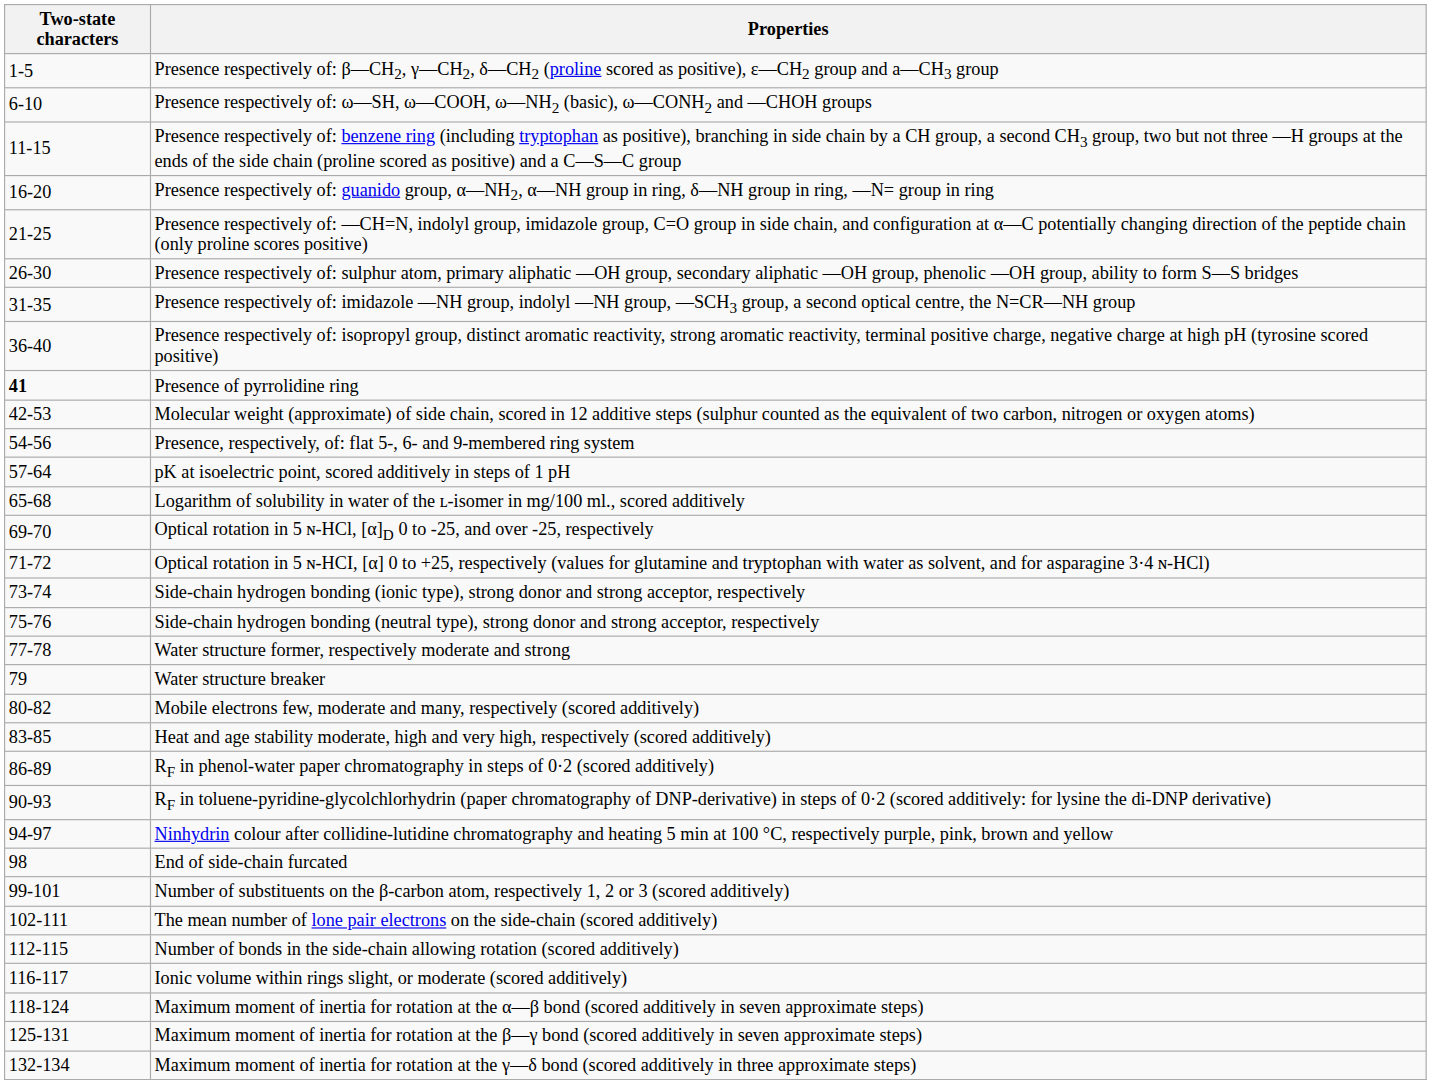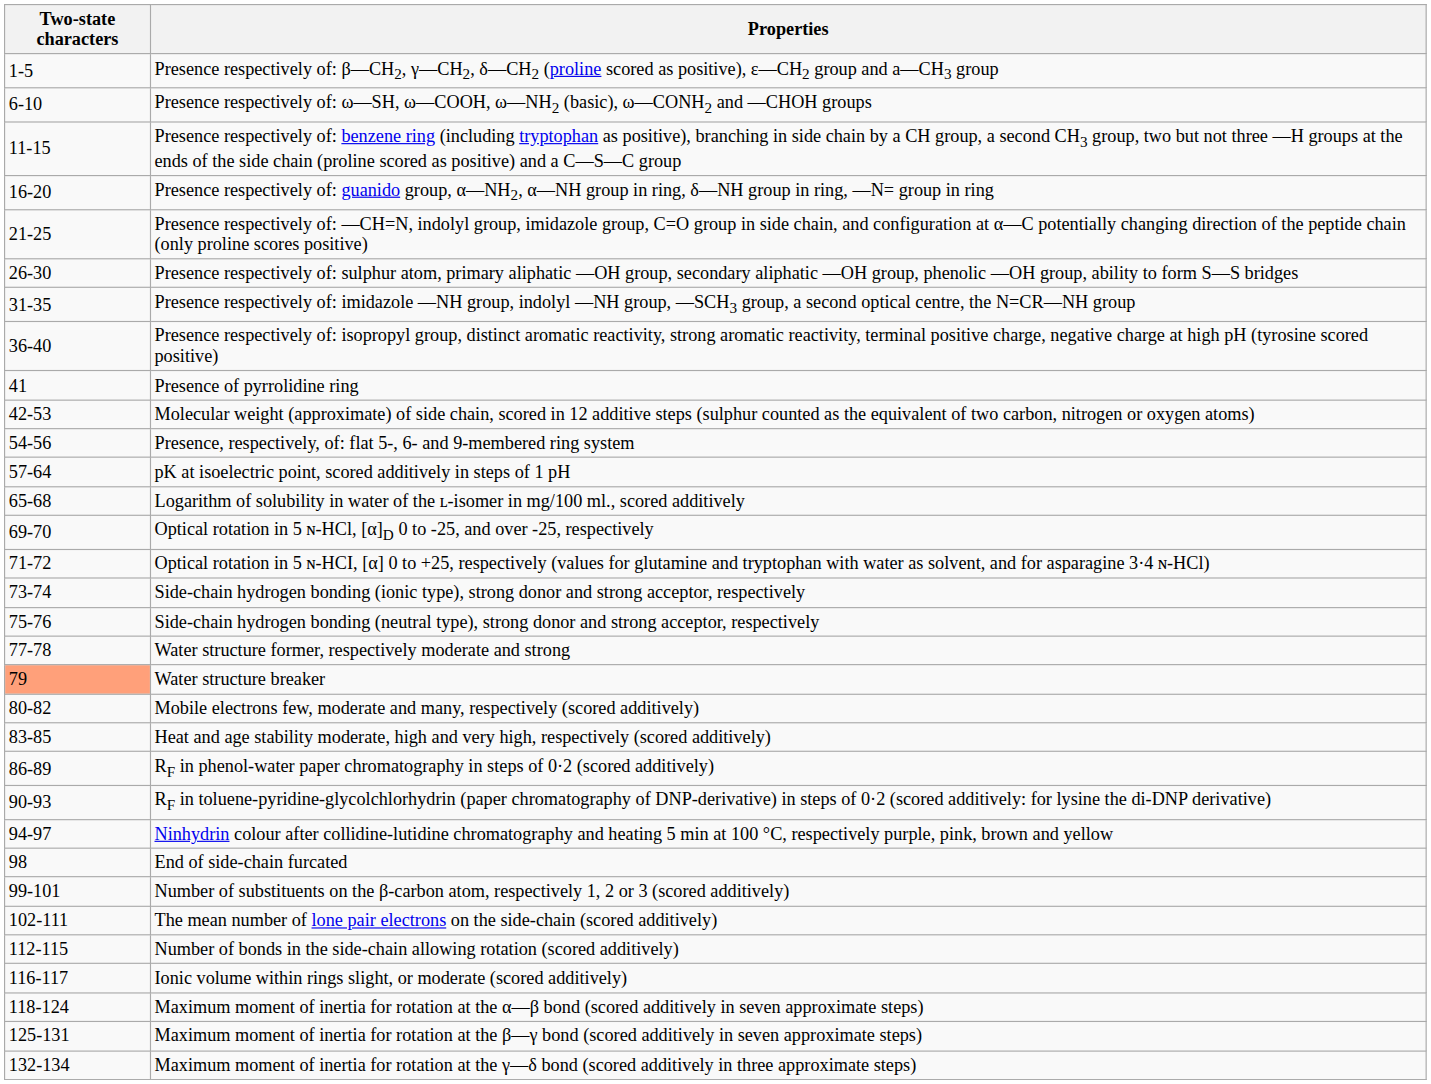 <table class="wikitable">
 <tr>
 <th>Two-state characters</th>
 <th>Properties</th>
 </tr>
 <tr>
 <td>1-5</td>
 <td>Presence  respectively of: β―CH<sub>2</sub>, γ―CH<sub>2</sub>, δ―CH<sub>2</sub> (<a href='#'>proline</a> scored as positive), ε―CH<sub>2</sub> group and a―CH<sub>3</sub> group</td>
 </tr>
 <tr>
 <td>6-10</td>
 <td>Presence  respectively of: ω―SH, ω―COOH, ω―NH<sub>2</sub> (basic), ω―CONH<sub>2</sub> and ―CHOH groups</td>
 </tr>
 <tr>
 <td>11-15</td>
 <td>Presence  respectively of: <a href='#'>benzene ring</a> (including <a href='#'>tryptophan</a> as positive), branching in side chain by a CH group, a second CH<sub>3</sub> group, two but not three  ―H groups at the ends of the side chain  (proline scored as positive) and a C―S―C group</td>
 </tr>
 <tr>
 <td>16-20</td>
 <td>Presence  respectively of: <a href='#'>guanido</a> group, α―NH<sub>2</sub>, α―NH group in ring, δ―NH group in ring, ―N= group in ring</td>
 </tr>
 <tr>
 <td>21-25</td>
 <td>Presence  respectively of: ―CH=N, indolyl group, imidazole group,  C=O group in side chain, and configuration at α―C potentially changing direction of the peptide chain (only proline  scores positive)</td>
 </tr>
 <tr>
 <td>26-30</td>
 <td>Presence  respectively of: sulphur atom, primary aliphatic ―OH group, secondary aliphatic ―OH group, phenolic ―OH group, ability to form S―S bridges</td>
 </tr>
 <tr>
 <td>31-35</td>
 <td>Presence  respectively of: imidazole ―NH group, indolyl ―NH group, ―SCH<sub>3</sub> group, a second  optical centre, the N=CR―NH group</td>
 </tr>
 <tr>
 <td>36-40</td>
 <td>Presence  respectively of: isopropyl group, distinct aromatic reactivity, strong  aromatic reactivity, terminal positive charge, negative charge at high pH  (tyrosine scored positive)</td>
 </tr>
 <tr>
-<td><strong>41</strong></td>
+<td>41</td>
 <td>Presence of pyrrolidine ring</td>
 </tr>
 <tr>
 <td>42-53</td>
 <td>Molecular weight  (approximate) of side chain, scored in 12 additive steps (sulphur counted as  the equivalent of two carbon, nitrogen or oxygen atoms)</td>
 </tr>
 <tr>
 <td>54-56</td>
 <td>Presence,  respectively, of: flat 5-, 6- and 9-membered ring system</td>
 </tr>
 <tr>
 <td>57-64</td>
 <td>pK at isoelectric  point, scored additively in steps of 1 pH</td>
 </tr>
 <tr>
 <td>65-68</td>
 <td>Logarithm of  solubility in water of the ʟ-isomer in mg/100 ml., scored  additively</td>
 </tr>
 <tr>
 <td>69-70</td>
 <td>Optical rotation in  5 ɴ-HCl, [α]<sub>D</sub> 0 to -25, and over -25, respectively</td>
 </tr>
 <tr>
 <td>71-72</td>
 <td>Optical rotation in  5 ɴ-HCI, [α] 0 to +25, respectively (values for glutamine and tryptophan with  water as solvent, and for asparagine 3·4 ɴ-HCl)</td>
 </tr>
 <tr>
 <td>73-74</td>
 <td>Side-chain hydrogen  bonding (ionic type), strong donor and strong acceptor, respectively</td>
 </tr>
 <tr>
 <td>75-76</td>
 <td>Side-chain hydrogen  bonding (neutral type), strong donor and strong acceptor, respectively</td>
 </tr>
 <tr>
 <td>77-78</td>
 <td>Water structure  former, respectively moderate and strong</td>
 </tr>
 <tr>
-<td>79</td>
+<td style="background: lightsalmon;">79</td>
 <td>Water structure breaker</td>
 </tr>
 <tr>
 <td>80-82</td>
 <td>Mobile electrons  few, moderate and many, respectively (scored additively)</td>
 </tr>
 <tr>
 <td>83-85</td>
 <td>Heat and age  stability moderate, high and very high, respectively (scored additively)</td>
 </tr>
 <tr>
 <td>86-89</td>
 <td>R<sub>F</sub> in phenol-water  paper chromatography in steps of 0·2 (scored additively)</td>
 </tr>
 <tr>
 <td>90-93</td>
 <td>R<sub>F</sub> in  toluene-pyridine-glycolchlorhydrin (paper chromatography of DNP-derivative)  in steps of 0·2 (scored additively: for lysine  the di-DNP derivative)</td>
 </tr>
 <tr>
 <td>94-97</td>
 <td><a href='#'>Ninhydrin</a> colour  after collidine-lutidine chromatography and heating 5 min at 100 °C, respectively purple, pink,  brown and yellow</td>
 </tr>
 <tr>
 <td>98</td>
 <td>End of side-chain  furcated</td>
 </tr>
 <tr>
 <td>99-101</td>
 <td>Number of  substituents on the β-carbon atom, respectively 1, 2 or  3 (scored additively)</td>
 </tr>
 <tr>
 <td>102-111</td>
 <td>The mean number of <a href='#'>lone pair electrons</a> on the side-chain (scored additively)</td>
 </tr>
 <tr>
 <td>112-115</td>
 <td>Number of bonds in  the side-chain allowing rotation (scored additively)</td>
 </tr>
 <tr>
 <td>116-117</td>
 <td>Ionic volume within  rings slight, or moderate (scored additively)</td>
 </tr>
 <tr>
 <td>118-124</td>
 <td>Maximum moment of  inertia for rotation at the α―β bond (scored additively in seven approximate steps)</td>
 </tr>
 <tr>
 <td>125-131</td>
 <td>Maximum moment of  inertia for rotation at the β―γ bond (scored additively in seven  approximate steps)</td>
 </tr>
 <tr>
 <td>132-134</td>
 <td>Maximum moment of  inertia for rotation at the γ―δ  bond (scored  additively in three approximate steps)</td>
 </tr>
 </table>
